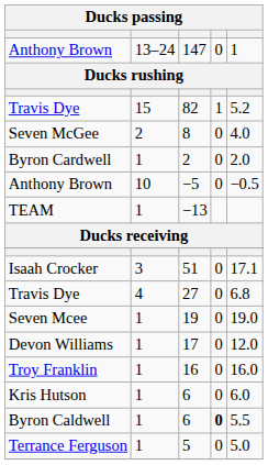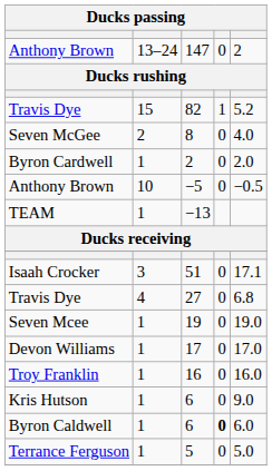 <table class="wikitable plainrowheaders">
 <tr>
 <th colspan="6">Ducks passing</th>
 </tr>
 <tr>
 <th scope="col"></th>
 <th scope="col"></th>
 <th scope="col"></th>
 <th scope="col"></th>
 <th scope="col"></th>
 </tr>
 <tr>
 <td><a href='#'>Anthony Brown</a></td>
 <td>13–24</td>
 <td>147</td>
 <td>0</td>
-<td>1</td>
+<td>2</td>
 </tr>
 <tr>
 <th colspan="6">Ducks rushing</th>
 </tr>
 <tr>
 <th scope="col"></th>
 <th scope="col"></th>
 <th scope="col"></th>
 <th scope="col"></th>
 <th scope="col"></th>
 </tr>
 <tr>
 <td><a href='#'>Travis Dye</a></td>
 <td>15</td>
 <td>82</td>
 <td>1</td>
 <td>5.2</td>
 </tr>
 <tr>
 <td>Seven McGee</td>
 <td>2</td>
 <td>8</td>
 <td>0</td>
 <td>4.0</td>
 </tr>
 <tr>
 <td>Byron Cardwell</td>
 <td>1</td>
 <td>2</td>
 <td>0</td>
 <td>2.0</td>
 </tr>
 <tr>
 <td>Anthony Brown</td>
 <td>10</td>
 <td>−5</td>
 <td>0</td>
 <td>−0.5</td>
 </tr>
 <tr>
 <td>TEAM</td>
 <td>1</td>
 <td>−13</td>
 <td></td>
 <td></td>
 </tr>
 <tr>
 <th colspan="6">Ducks receiving</th>
 </tr>
 <tr>
 </tr>
 <tr>
 <th scope="col"></th>
 <th scope="col"></th>
 <th scope="col"></th>
 <th scope="col"></th>
 <th scope="col"></th>
 </tr>
 <tr>
 <td>Isaah Crocker</td>
 <td>3</td>
 <td>51</td>
 <td>0</td>
 <td>17.1</td>
 </tr>
 <tr>
 <td>Travis Dye</td>
 <td>4</td>
 <td>27</td>
 <td>0</td>
 <td>6.8</td>
 </tr>
 <tr>
 <td>Seven Mcee</td>
 <td>1</td>
 <td>19</td>
 <td>0</td>
 <td>19.0</td>
 </tr>
 <tr>
 <td>Devon Williams</td>
 <td>1</td>
 <td>17</td>
 <td>0</td>
-<td>12.0</td>
+<td>17.0</td>
 </tr>
 <tr>
 <td><a href='#'>Troy Franklin</a></td>
 <td>1</td>
 <td>16</td>
 <td>0</td>
 <td>16.0</td>
 </tr>
 <tr>
 <td>Kris Hutson</td>
 <td>1</td>
 <td>6</td>
 <td>0</td>
-<td>6.0</td>
+<td>9.0</td>
 </tr>
 <tr>
 <td>Byron Caldwell</td>
 <td>1</td>
 <td>6</td>
 <td><strong>0</strong></td>
-<td>5.5</td>
+<td>6.0</td>
 </tr>
 <tr>
 <td><a href='#'>Terrance Ferguson</a></td>
 <td>1</td>
 <td>5</td>
 <td>0</td>
 <td>5.0</td>
 </tr>
 <tr>
 </tr>
 </table>
